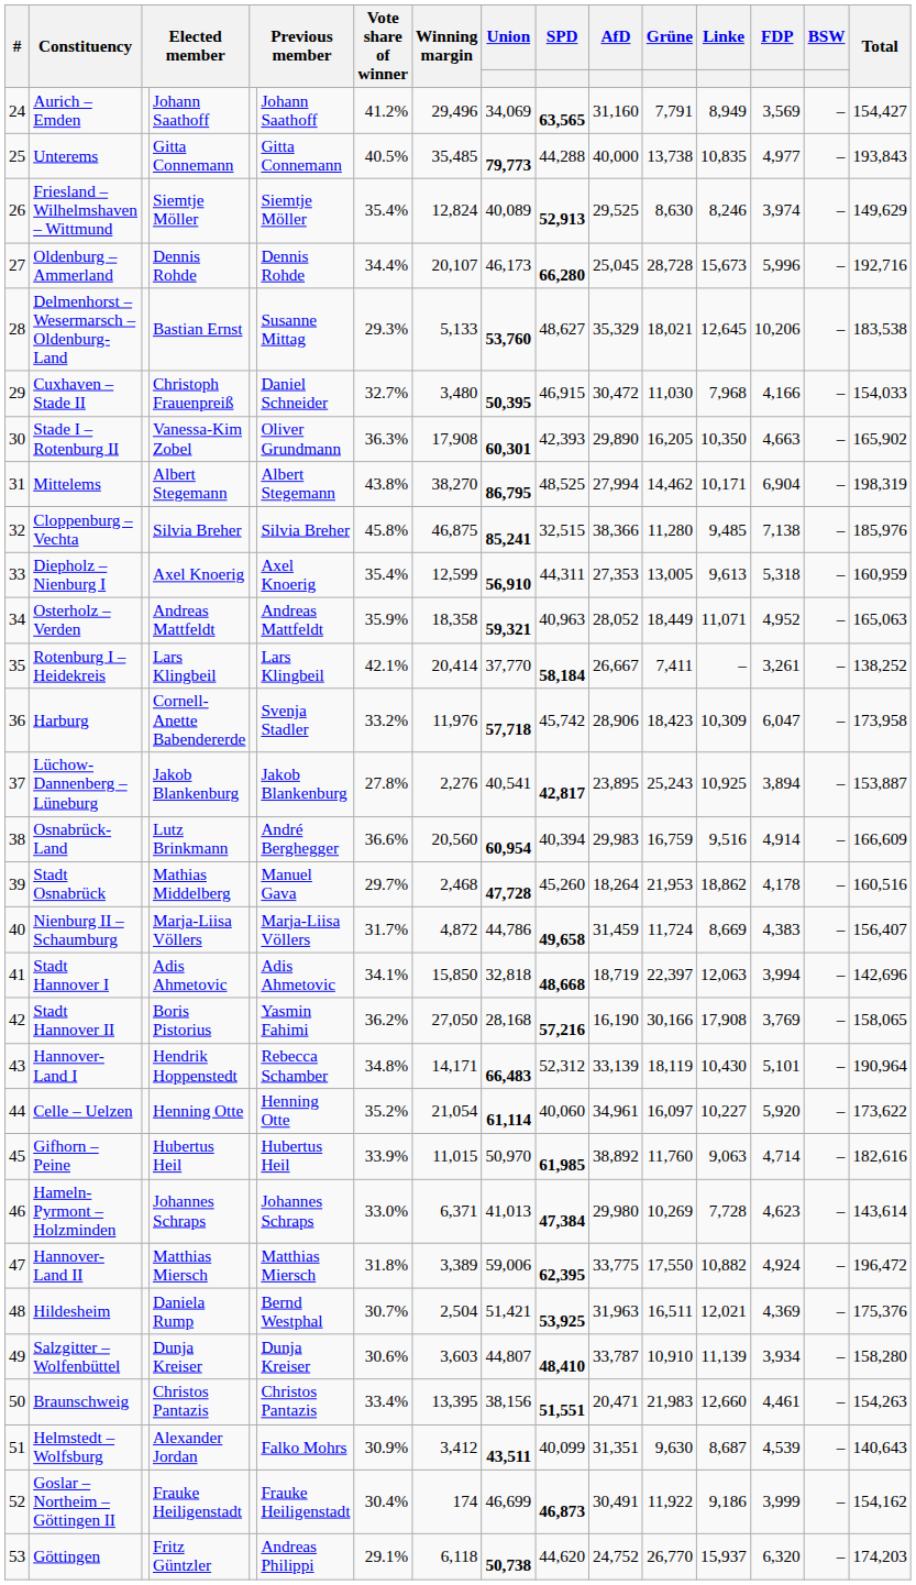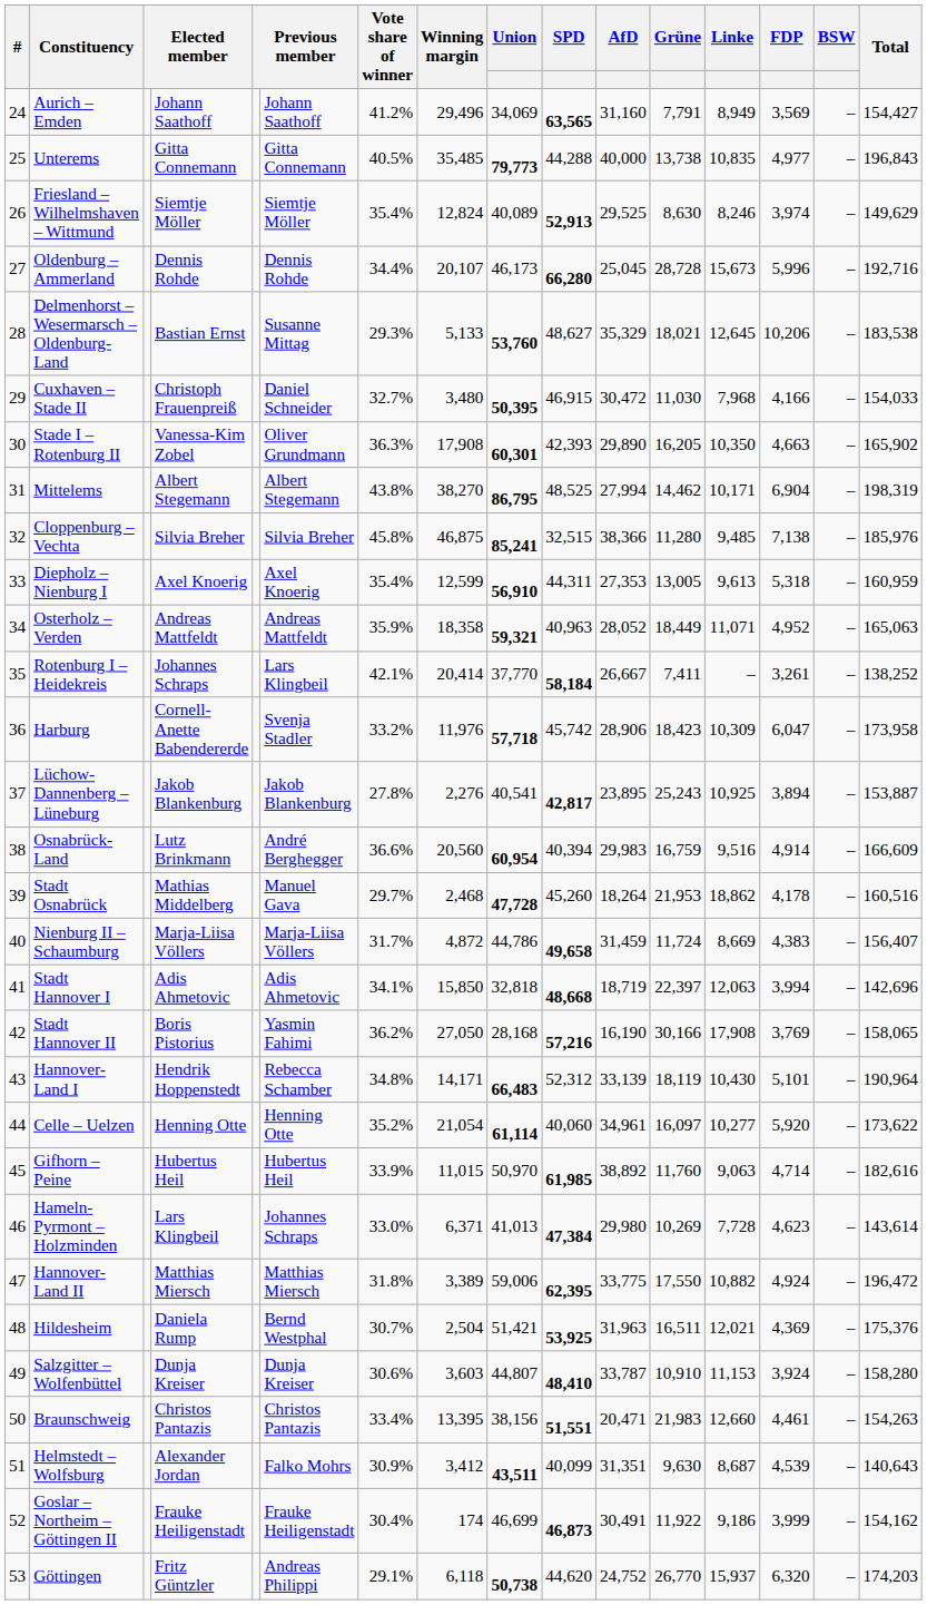 <table class="wikitable sortable" style="text-align:right">
 <tr>
 <th rowspan="2">#</th>
 <th rowspan="2">Constituency</th>
 <th rowspan="2" colspan="2">Elected member</th>
 <th rowspan="2" colspan="2">Previous member</th>
 <th rowspan="2">Vote share of winner</th>
 <th rowspan="2">Winning margin</th>
 <th class="wikitable sortable" style="width:40px;"><a href='#'>Union</a></th>
 <th class="wikitable sortable" style="width:40px;"><a href='#'>SPD</a></th>
 <th class="wikitable sortable" style="width:40px;"><a href='#'>AfD</a></th>
 <th class="wikitable sortable" style="width:40px;"><a href='#'>Grüne</a></th>
 <th class="wikitable sortable" style="width:40px;"><a href='#'>Linke</a></th>
 <th class="wikitable sortable" style="width:40px;"><a href='#'>FDP</a></th>
 <th class="wikitable sortable" style="width:40px;"><a href='#'>BSW</a></th>
 <th class="wikitable sortable" style="width:40px;" rowspan="2">Total</th>
 </tr>
 <tr>
 <th class="wikitable sortable" style="background:"></th>
 <th class="wikitable sortable" style="background:"></th>
 <th class="wikitable sortable" style="background:"></th>
 <th class="wikitable sortable" style="background:"></th>
 <th class="wikitable sortable" style="background:"></th>
 <th class="wikitable sortable" style="background:"></th>
 <th class="wikitable sortable" style="background:"></th>
 </tr>
 <tr>
 <td>24</td>
 <td align=left><a href='#'>Aurich – Emden</a></td>
 <td bgcolor=></td>
 <td align=left><a href='#'>Johann Saathoff</a></td>
 <td bgcolor=></td>
 <td align=left><a href='#'>Johann Saathoff</a></td>
 <td>41.2%</td>
 <td>29,496</td>
 <td>34,069</td>
 <td><br><strong>63,565</strong></td>
 <td>31,160</td>
 <td>7,791</td>
 <td>8,949</td>
 <td>3,569</td>
 <td>–</td>
 <td>154,427</td>
 </tr>
 <tr>
 <td>25</td>
 <td align=left><a href='#'>Unterems</a></td>
 <td bgcolor=></td>
 <td align=left><a href='#'>Gitta Connemann</a></td>
 <td bgcolor=></td>
 <td align=left><a href='#'>Gitta Connemann</a></td>
 <td>40.5%</td>
 <td>35,485</td>
 <td><br><strong>79,773</strong></td>
 <td>44,288</td>
 <td>40,000</td>
 <td>13,738</td>
 <td>10,835</td>
 <td>4,977</td>
 <td>–</td>
-<td>193,843</td>
+<td>196,843</td>
 </tr>
 <tr>
 <td>26</td>
 <td align=left><a href='#'>Friesland – Wilhelmshaven – Wittmund</a></td>
 <td bgcolor=></td>
 <td align=left><a href='#'>Siemtje Möller</a></td>
 <td bgcolor=></td>
 <td align=left><a href='#'>Siemtje Möller</a></td>
 <td>35.4%</td>
 <td>12,824</td>
 <td>40,089</td>
 <td><br><strong>52,913</strong></td>
 <td>29,525</td>
 <td>8,630</td>
 <td>8,246</td>
 <td>3,974</td>
 <td>–</td>
 <td>149,629</td>
 </tr>
 <tr>
 <td>27</td>
 <td align=left><a href='#'>Oldenburg – Ammerland</a></td>
 <td bgcolor=></td>
 <td align=left><a href='#'>Dennis Rohde</a></td>
 <td bgcolor=></td>
 <td align=left><a href='#'>Dennis Rohde</a></td>
 <td>34.4%</td>
 <td>20,107</td>
 <td>46,173</td>
 <td><br><strong>66,280</strong></td>
 <td>25,045</td>
 <td>28,728</td>
 <td>15,673</td>
 <td>5,996</td>
 <td>–</td>
 <td>192,716</td>
 </tr>
 <tr>
 <td>28</td>
 <td align=left><a href='#'>Delmenhorst – Wesermarsch – Oldenburg-Land</a></td>
 <td bgcolor=></td>
 <td align=left><a href='#'>Bastian Ernst</a></td>
 <td bgcolor=></td>
 <td align=left><a href='#'>Susanne Mittag</a></td>
 <td>29.3%</td>
 <td>5,133</td>
 <td><br><strong>53,760</strong></td>
 <td>48,627</td>
 <td>35,329</td>
 <td>18,021</td>
 <td>12,645</td>
 <td>10,206</td>
 <td>–</td>
 <td>183,538</td>
 </tr>
 <tr>
 <td>29</td>
 <td align=left><a href='#'>Cuxhaven – Stade II</a></td>
 <td bgcolor=></td>
 <td align=left><a href='#'>Christoph Frauenpreiß</a></td>
 <td bgcolor=></td>
 <td align=left><a href='#'>Daniel Schneider</a></td>
 <td>32.7%</td>
 <td>3,480</td>
 <td><br><strong>50,395</strong></td>
 <td>46,915</td>
 <td>30,472</td>
 <td>11,030</td>
 <td>7,968</td>
 <td>4,166</td>
 <td>–</td>
 <td>154,033</td>
 </tr>
 <tr>
 <td>30</td>
 <td align=left><a href='#'>Stade I – Rotenburg II</a></td>
 <td bgcolor=></td>
 <td align=left><a href='#'>Vanessa-Kim Zobel</a></td>
 <td bgcolor=></td>
 <td align=left><a href='#'>Oliver Grundmann</a></td>
 <td>36.3%</td>
 <td>17,908</td>
 <td><br><strong>60,301</strong></td>
 <td>42,393</td>
 <td>29,890</td>
 <td>16,205</td>
 <td>10,350</td>
 <td>4,663</td>
 <td>–</td>
 <td>165,902</td>
 </tr>
 <tr>
 <td>31</td>
 <td align=left><a href='#'>Mittelems</a></td>
 <td bgcolor=></td>
 <td align=left><a href='#'>Albert Stegemann</a></td>
 <td bgcolor=></td>
 <td align=left><a href='#'>Albert Stegemann</a></td>
 <td>43.8%</td>
 <td>38,270</td>
 <td><br><strong>86,795</strong></td>
 <td>48,525</td>
 <td>27,994</td>
 <td>14,462</td>
 <td>10,171</td>
 <td>6,904</td>
 <td>–</td>
 <td>198,319</td>
 </tr>
 <tr>
 <td>32</td>
 <td align=left><a href='#'>Cloppenburg – Vechta</a></td>
 <td bgcolor=></td>
 <td align=left><a href='#'>Silvia Breher</a></td>
 <td bgcolor=></td>
 <td align=left><a href='#'>Silvia Breher</a></td>
 <td>45.8%</td>
 <td>46,875</td>
 <td><br><strong>85,241</strong></td>
 <td>32,515</td>
 <td>38,366</td>
 <td>11,280</td>
 <td>9,485</td>
 <td>7,138</td>
 <td>–</td>
 <td>185,976</td>
 </tr>
 <tr>
 <td>33</td>
 <td align=left><a href='#'>Diepholz – Nienburg I</a></td>
 <td bgcolor=></td>
 <td align=left><a href='#'>Axel Knoerig</a></td>
 <td bgcolor=></td>
 <td align=left><a href='#'>Axel Knoerig</a></td>
 <td>35.4%</td>
 <td>12,599</td>
 <td><br><strong>56,910</strong></td>
 <td>44,311</td>
 <td>27,353</td>
 <td>13,005</td>
 <td>9,613</td>
 <td>5,318</td>
 <td>–</td>
 <td>160,959</td>
 </tr>
 <tr>
 <td>34</td>
 <td align=left><a href='#'>Osterholz – Verden</a></td>
 <td bgcolor=></td>
 <td align=left><a href='#'>Andreas Mattfeldt</a></td>
 <td bgcolor=></td>
 <td align=left><a href='#'>Andreas Mattfeldt</a></td>
 <td>35.9%</td>
 <td>18,358</td>
 <td><br><strong>59,321</strong></td>
 <td>40,963</td>
 <td>28,052</td>
 <td>18,449</td>
 <td>11,071</td>
 <td>4,952</td>
 <td>–</td>
 <td>165,063</td>
 </tr>
 <tr>
 <td>35</td>
 <td align=left><a href='#'>Rotenburg I – Heidekreis</a></td>
 <td bgcolor=></td>
-<td align=left><a href='#'>Lars Klingbeil</a></td>
+<td align=left><a href='#'>Johannes Schraps</a></td>
 <td bgcolor=></td>
 <td align=left><a href='#'>Lars Klingbeil</a></td>
 <td>42.1%</td>
 <td>20,414</td>
 <td>37,770</td>
 <td><br><strong>58,184</strong></td>
 <td>26,667</td>
 <td>7,411</td>
 <td>–</td>
 <td>3,261</td>
 <td>–</td>
 <td>138,252</td>
 </tr>
 <tr>
 <td>36</td>
 <td align=left><a href='#'>Harburg</a></td>
 <td bgcolor=></td>
 <td align=left><a href='#'>Cornell-Anette Babendererde</a></td>
 <td bgcolor=></td>
 <td align=left><a href='#'>Svenja Stadler</a></td>
 <td>33.2%</td>
 <td>11,976</td>
 <td><br><strong>57,718</strong></td>
 <td>45,742</td>
 <td>28,906</td>
 <td>18,423</td>
 <td>10,309</td>
 <td>6,047</td>
 <td>–</td>
 <td>173,958</td>
 </tr>
 <tr>
 <td>37</td>
 <td align=left><a href='#'>Lüchow-Dannenberg – Lüneburg</a></td>
 <td bgcolor=></td>
 <td align=left><a href='#'>Jakob Blankenburg</a></td>
 <td bgcolor=></td>
 <td align=left><a href='#'>Jakob Blankenburg</a></td>
 <td>27.8%</td>
 <td>2,276</td>
 <td>40,541</td>
 <td><br><strong>42,817</strong></td>
 <td>23,895</td>
 <td>25,243</td>
 <td>10,925</td>
 <td>3,894</td>
 <td>–</td>
 <td>153,887</td>
 </tr>
 <tr>
 <td>38</td>
 <td align=left><a href='#'>Osnabrück-Land</a></td>
 <td bgcolor=></td>
 <td align=left><a href='#'>Lutz Brinkmann</a></td>
 <td bgcolor=></td>
 <td align=left><a href='#'>André Berghegger</a></td>
 <td>36.6%</td>
 <td>20,560</td>
 <td><br><strong>60,954</strong></td>
 <td>40,394</td>
 <td>29,983</td>
 <td>16,759</td>
 <td>9,516</td>
 <td>4,914</td>
 <td>–</td>
 <td>166,609</td>
 </tr>
 <tr>
 <td>39</td>
 <td align=left><a href='#'>Stadt Osnabrück</a></td>
 <td bgcolor=></td>
 <td align=left><a href='#'>Mathias Middelberg</a></td>
 <td bgcolor=></td>
 <td align=left><a href='#'>Manuel Gava</a></td>
 <td>29.7%</td>
 <td>2,468</td>
 <td><br><strong>47,728</strong></td>
 <td>45,260</td>
 <td>18,264</td>
 <td>21,953</td>
 <td>18,862</td>
 <td>4,178</td>
 <td>–</td>
 <td>160,516</td>
 </tr>
 <tr>
 <td>40</td>
 <td align=left><a href='#'>Nienburg II – Schaumburg</a></td>
 <td bgcolor=></td>
 <td align=left><a href='#'>Marja-Liisa Völlers</a></td>
 <td bgcolor=></td>
 <td align=left><a href='#'>Marja-Liisa Völlers</a></td>
 <td>31.7%</td>
 <td>4,872</td>
 <td>44,786</td>
 <td><br><strong>49,658</strong></td>
 <td>31,459</td>
 <td>11,724</td>
 <td>8,669</td>
 <td>4,383</td>
 <td>–</td>
 <td>156,407</td>
 </tr>
 <tr>
 <td>41</td>
 <td align=left><a href='#'>Stadt Hannover I</a></td>
 <td bgcolor=></td>
 <td align=left><a href='#'>Adis Ahmetovic</a></td>
 <td bgcolor=></td>
 <td align=left><a href='#'>Adis Ahmetovic</a></td>
 <td>34.1%</td>
 <td>15,850</td>
 <td>32,818</td>
 <td><br><strong>48,668</strong></td>
 <td>18,719</td>
 <td>22,397</td>
 <td>12,063</td>
 <td>3,994</td>
 <td>–</td>
 <td>142,696</td>
 </tr>
 <tr>
 <td>42</td>
 <td align=left><a href='#'>Stadt Hannover II</a></td>
 <td bgcolor=></td>
 <td align=left><a href='#'>Boris Pistorius</a></td>
 <td bgcolor=></td>
 <td align=left><a href='#'>Yasmin Fahimi</a></td>
 <td>36.2%</td>
 <td>27,050</td>
 <td>28,168</td>
 <td><br><strong>57,216</strong></td>
 <td>16,190</td>
 <td>30,166</td>
 <td>17,908</td>
 <td>3,769</td>
 <td>–</td>
 <td>158,065</td>
 </tr>
 <tr>
 <td>43</td>
 <td align=left><a href='#'>Hannover-Land I</a></td>
 <td bgcolor=></td>
 <td align=left><a href='#'>Hendrik Hoppenstedt</a></td>
 <td bgcolor=></td>
 <td align=left><a href='#'>Rebecca Schamber</a></td>
 <td>34.8%</td>
 <td>14,171</td>
 <td><br><strong>66,483</strong></td>
 <td>52,312</td>
 <td>33,139</td>
 <td>18,119</td>
 <td>10,430</td>
 <td>5,101</td>
 <td>–</td>
 <td>190,964</td>
 </tr>
 <tr>
 <td>44</td>
 <td align=left><a href='#'>Celle – Uelzen</a></td>
 <td bgcolor=></td>
 <td align=left><a href='#'>Henning Otte</a></td>
 <td bgcolor=></td>
 <td align=left><a href='#'>Henning Otte</a></td>
 <td>35.2%</td>
 <td>21,054</td>
 <td><br><strong>61,114</strong></td>
 <td>40,060</td>
 <td>34,961</td>
 <td>16,097</td>
-<td>10,227</td>
+<td>10,277</td>
 <td>5,920</td>
 <td>–</td>
 <td>173,622</td>
 </tr>
 <tr>
 <td>45</td>
 <td align=left><a href='#'>Gifhorn – Peine</a></td>
 <td bgcolor=></td>
 <td align=left><a href='#'>Hubertus Heil</a></td>
 <td bgcolor=></td>
 <td align=left><a href='#'>Hubertus Heil</a></td>
 <td>33.9%</td>
 <td>11,015</td>
 <td>50,970</td>
 <td><br><strong>61,985</strong></td>
 <td>38,892</td>
 <td>11,760</td>
 <td>9,063</td>
 <td>4,714</td>
 <td>–</td>
 <td>182,616</td>
 </tr>
 <tr>
 <td>46</td>
 <td align=left><a href='#'>Hameln-Pyrmont – Holzminden</a></td>
 <td bgcolor=></td>
-<td align=left><a href='#'>Johannes Schraps</a></td>
+<td align=left><a href='#'>Lars Klingbeil</a></td>
 <td bgcolor=></td>
 <td align=left><a href='#'>Johannes Schraps</a></td>
 <td>33.0%</td>
 <td>6,371</td>
 <td>41,013</td>
 <td><br><strong>47,384</strong></td>
 <td>29,980</td>
 <td>10,269</td>
 <td>7,728</td>
 <td>4,623</td>
 <td>–</td>
 <td>143,614</td>
 </tr>
 <tr>
 <td>47</td>
 <td align=left><a href='#'>Hannover-Land II</a></td>
 <td bgcolor=></td>
 <td align=left><a href='#'>Matthias Miersch</a></td>
 <td bgcolor=></td>
 <td align=left><a href='#'>Matthias Miersch</a></td>
 <td>31.8%</td>
 <td>3,389</td>
 <td>59,006</td>
 <td><br><strong>62,395</strong></td>
 <td>33,775</td>
 <td>17,550</td>
 <td>10,882</td>
 <td>4,924</td>
 <td>–</td>
 <td>196,472</td>
 </tr>
 <tr>
 <td>48</td>
 <td align=left><a href='#'>Hildesheim</a></td>
 <td bgcolor=></td>
 <td align=left><a href='#'>Daniela Rump</a></td>
 <td bgcolor=></td>
 <td align=left><a href='#'>Bernd Westphal</a></td>
 <td>30.7%</td>
 <td>2,504</td>
 <td>51,421</td>
 <td><br><strong>53,925</strong></td>
 <td>31,963</td>
 <td>16,511</td>
 <td>12,021</td>
 <td>4,369</td>
 <td>–</td>
 <td>175,376</td>
 </tr>
 <tr>
 <td>49</td>
 <td align=left><a href='#'>Salzgitter – Wolfenbüttel</a></td>
 <td bgcolor=></td>
 <td align=left><a href='#'>Dunja Kreiser</a></td>
 <td bgcolor=></td>
 <td align=left><a href='#'>Dunja Kreiser</a></td>
 <td>30.6%</td>
 <td>3,603</td>
 <td>44,807</td>
 <td><br><strong>48,410</strong></td>
 <td>33,787</td>
 <td>10,910</td>
-<td>11,139</td>
-<td>3,934</td>
+<td>11,153</td>
+<td>3,924</td>
 <td>–</td>
 <td>158,280</td>
 </tr>
 <tr>
 <td>50</td>
 <td align=left><a href='#'>Braunschweig</a></td>
 <td bgcolor=></td>
 <td align=left><a href='#'>Christos Pantazis</a></td>
 <td bgcolor=></td>
 <td align=left><a href='#'>Christos Pantazis</a></td>
 <td>33.4%</td>
 <td>13,395</td>
 <td>38,156</td>
 <td><br><strong>51,551</strong></td>
 <td>20,471</td>
 <td>21,983</td>
 <td>12,660</td>
 <td>4,461</td>
 <td>–</td>
 <td>154,263</td>
 </tr>
 <tr>
 <td>51</td>
 <td align=left><a href='#'>Helmstedt – Wolfsburg</a></td>
 <td bgcolor=></td>
 <td align=left><a href='#'>Alexander Jordan</a></td>
 <td bgcolor=></td>
 <td align=left><a href='#'>Falko Mohrs</a></td>
 <td>30.9%</td>
 <td>3,412</td>
 <td><br><strong>43,511</strong></td>
 <td>40,099</td>
 <td>31,351</td>
 <td>9,630</td>
 <td>8,687</td>
 <td>4,539</td>
 <td>–</td>
 <td>140,643</td>
 </tr>
 <tr>
 <td>52</td>
 <td align=left><a href='#'>Goslar – Northeim – Göttingen II</a></td>
 <td bgcolor=></td>
 <td align=left><a href='#'>Frauke Heiligenstadt</a></td>
 <td bgcolor=></td>
 <td align=left><a href='#'>Frauke Heiligenstadt</a></td>
 <td>30.4%</td>
 <td>174</td>
 <td>46,699</td>
 <td><br><strong>46,873</strong></td>
 <td>30,491</td>
 <td>11,922</td>
 <td>9,186</td>
 <td>3,999</td>
 <td>–</td>
 <td>154,162</td>
 </tr>
 <tr>
 <td>53</td>
 <td align=left><a href='#'>Göttingen</a></td>
 <td bgcolor=></td>
 <td align=left><a href='#'>Fritz Güntzler</a></td>
 <td bgcolor=></td>
 <td align=left><a href='#'>Andreas Philippi</a></td>
 <td>29.1%</td>
 <td>6,118</td>
 <td><br><strong>50,738</strong></td>
 <td>44,620</td>
 <td>24,752</td>
 <td>26,770</td>
 <td>15,937</td>
 <td>6,320</td>
 <td>–</td>
 <td>174,203</td>
 </tr>
 </table>
